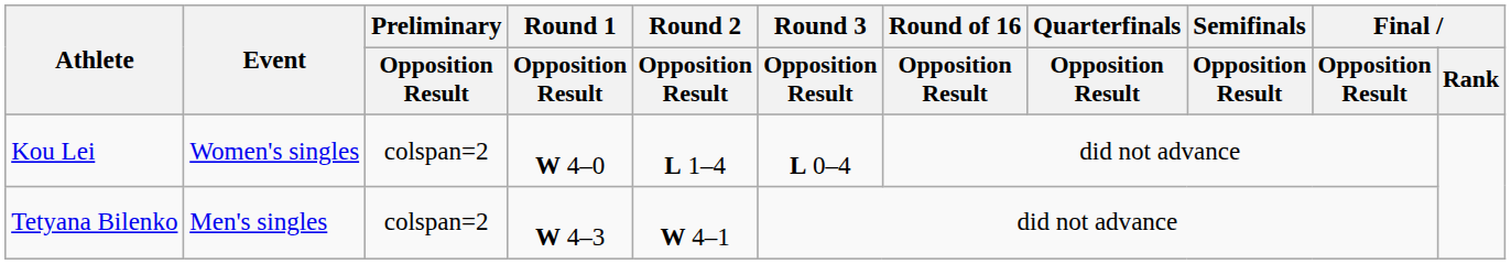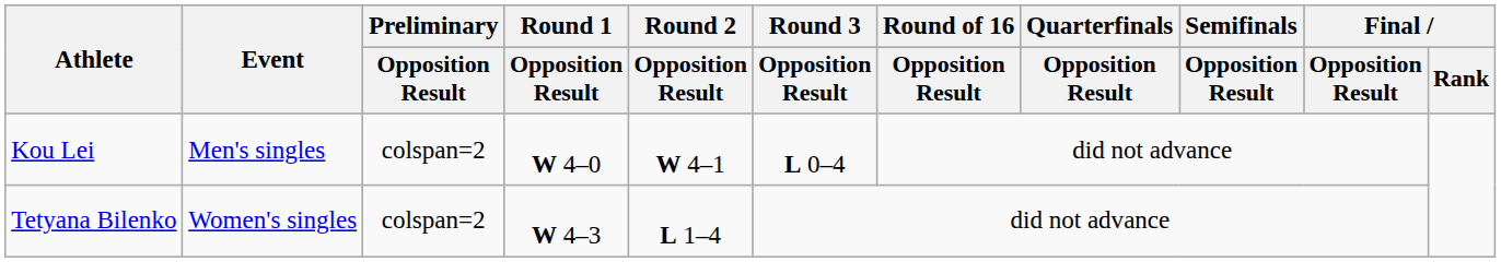 <table class="wikitable" style="font-size:90%;">
 <tr>
 <th rowspan=2>Athlete</th>
 <th rowspan=2>Event</th>
 <th>Preliminary</th>
 <th>Round 1</th>
 <th>Round 2</th>
 <th>Round 3</th>
 <th>Round of 16</th>
 <th>Quarterfinals</th>
 <th>Semifinals</th>
 <th colspan=2>Final / </th>
 </tr>
 <tr style="font-size:95%">
 <th>Opposition<br>Result</th>
 <th>Opposition<br>Result</th>
 <th>Opposition<br>Result</th>
 <th>Opposition<br>Result</th>
 <th>Opposition<br>Result</th>
 <th>Opposition<br>Result</th>
 <th>Opposition<br>Result</th>
 <th>Opposition<br>Result</th>
 <th>Rank</th>
 </tr>
 <tr align=center>
 <td align=left><a href='#'>Kou Lei</a></td>
-<td align=left><a href='#'>Women's singles</a></td>
+<td align=left><a href='#'>Men's singles</a></td>
 <td>colspan=2 </td>
 <td><br><strong>W</strong> 4–0</td>
-<td><br><strong>L</strong> 1–4</td>
+<td><br><strong>W</strong> 4–1</td>
 <td><br><strong>L</strong> 0–4</td>
 <td colspan=4>did not advance</td>
 </tr>
 <tr align=center>
 <td align=left><a href='#'>Tetyana Bilenko</a></td>
-<td align=left><a href='#'>Men's singles</a></td>
+<td align=left><a href='#'>Women's singles</a></td>
 <td>colspan=2 </td>
 <td><br><strong>W</strong> 4–3</td>
-<td><br><strong>W</strong> 4–1</td>
+<td><br><strong>L</strong> 1–4</td>
 <td colspan=5>did not advance</td>
 </tr>
 </table>
